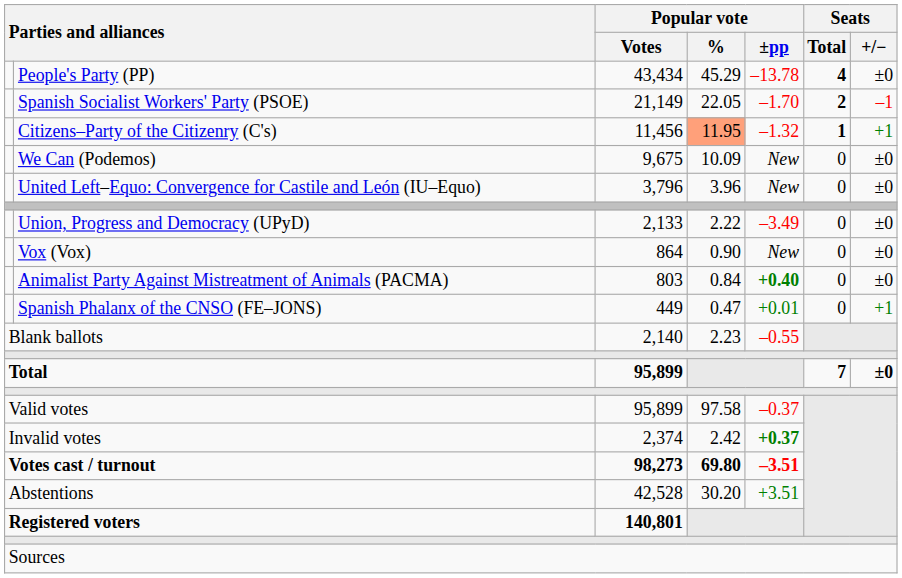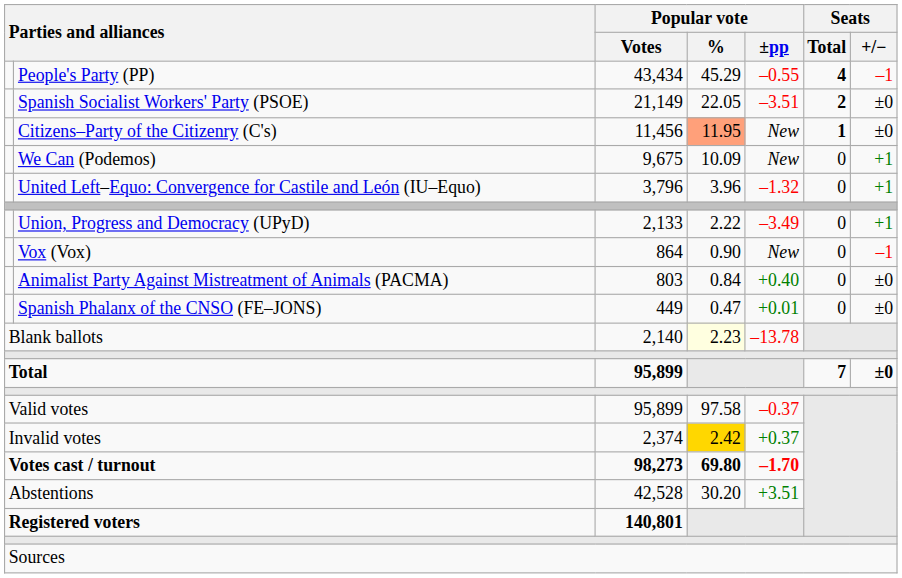 <table class="wikitable" style="text-align:right;">
 <tr>
 <th style="text-align:left;" rowspan="2" colspan="2" width="525">Parties and alliances</th>
 <th colspan="3">Popular vote</th>
 <th colspan="2">Seats</th>
 </tr>
 <tr>
 <th width="75">Votes</th>
 <th width="45">%</th>
 <th width="45">±<a href='#'>pp</a></th>
 <th width="35">Total</th>
 <th width="35">+/−</th>
 </tr>
 <tr>
 <td width="1" style="color:inherit;background:"></td>
 <td align="left"><a href='#'>People's Party</a> (PP)</td>
 <td>43,434</td>
 <td>45.29</td>
-<td style="color:red;">–13.78</td>
+<td style="color:red;">–0.55</td>
 <td><strong>4</strong></td>
-<td>±0</td>
+<td style="color:red;">–1</td>
 </tr>
 <tr>
 <td style="color:inherit;background:"></td>
 <td align="left"><a href='#'>Spanish Socialist Workers' Party</a> (PSOE)</td>
 <td>21,149</td>
 <td>22.05</td>
-<td style="color:red;">–1.70</td>
+<td style="color:red;">–3.51</td>
 <td><strong>2</strong></td>
-<td style="color:red;">–1</td>
+<td>±0</td>
 </tr>
 <tr>
 <td style="color:inherit;background:"></td>
 <td align="left"><a href='#'>Citizens–Party of the Citizenry</a> (C's)</td>
 <td>11,456</td>
 <td style="background: lightsalmon;">11.95</td>
-<td style="color:red;">–1.32</td>
+<td><em>New</em></td>
 <td><strong>1</strong></td>
-<td style="color:green;">+1</td>
+<td>±0</td>
 </tr>
 <tr>
 <td style="color:inherit;background:"></td>
 <td align="left"><a href='#'>We Can</a> (Podemos)</td>
 <td>9,675</td>
 <td>10.09</td>
 <td><em>New</em></td>
 <td>0</td>
-<td>±0</td>
+<td style="color:green;">+1</td>
 </tr>
 <tr>
 <td style="color:inherit;background:"></td>
 <td align="left"><a href='#'>United Left</a>–<a href='#'>Equo: Convergence for Castile and León</a> (IU–Equo)</td>
 <td>3,796</td>
 <td>3.96</td>
-<td><em>New</em></td>
+<td style="color:red;">–1.32</td>
 <td>0</td>
-<td>±0</td>
+<td style="color:green;">+1</td>
 </tr>
 <tr>
 <td colspan="7" bgcolor="#C0C0C0"></td>
 </tr>
 <tr>
 <td style="color:inherit;background:"></td>
 <td align="left"><a href='#'>Union, Progress and Democracy</a> (UPyD)</td>
 <td>2,133</td>
 <td>2.22</td>
 <td style="color:red;">–3.49</td>
 <td>0</td>
-<td>±0</td>
+<td style="color:green;">+1</td>
 </tr>
 <tr>
 <td style="color:inherit;background:"></td>
 <td align="left"><a href='#'>Vox</a> (Vox)</td>
 <td>864</td>
 <td>0.90</td>
 <td><em>New</em></td>
 <td>0</td>
-<td>±0</td>
+<td style="color:red;">–1</td>
 </tr>
 <tr>
 <td style="color:inherit;background:"></td>
 <td align="left"><a href='#'>Animalist Party Against Mistreatment of Animals</a> (PACMA)</td>
 <td>803</td>
 <td>0.84</td>
-<td style="color:green;"><strong>+0.40</strong></td>
+<td style="color:green;">+0.40</td>
 <td>0</td>
 <td>±0</td>
 </tr>
 <tr>
 <td style="color:inherit;background:"></td>
 <td align="left"><a href='#'>Spanish Phalanx of the CNSO</a> (FE–JONS)</td>
 <td>449</td>
 <td>0.47</td>
 <td style="color:green;">+0.01</td>
 <td>0</td>
-<td style="color:green;">+1</td>
+<td>±0</td>
 </tr>
 <tr>
 <td align="left" colspan="2">Blank ballots</td>
 <td>2,140</td>
-<td>2.23</td>
-<td style="color:red;">–0.55</td>
+<td style="background: lightyellow;">2.23</td>
+<td style="color:red;">–13.78</td>
 <td bgcolor="#E9E9E9" colspan="2"></td>
 </tr>
 <tr>
 <td colspan="7" bgcolor="#E9E9E9"></td>
 </tr>
 <tr style="font-weight:bold;">
 <td align="left" colspan="2">Total</td>
 <td>95,899</td>
 <td bgcolor="#E9E9E9" colspan="2"></td>
 <td>7</td>
 <td>±0</td>
 </tr>
 <tr>
 <td colspan="7" bgcolor="#E9E9E9"></td>
 </tr>
 <tr>
 <td align="left" colspan="2">Valid votes</td>
 <td>95,899</td>
 <td>97.58</td>
 <td style="color:red;">–0.37</td>
 <td bgcolor="#E9E9E9" colspan="2" rowspan="5"></td>
 </tr>
 <tr>
 <td align="left" colspan="2">Invalid votes</td>
 <td>2,374</td>
-<td>2.42</td>
-<td style="color:green;"><strong>+0.37</strong></td>
+<td style="background: gold;">2.42</td>
+<td style="color:green;">+0.37</td>
 </tr>
 <tr style="font-weight:bold;">
 <td align="left" colspan="2">Votes cast / turnout</td>
 <td>98,273</td>
 <td>69.80</td>
-<td style="color:red;">–3.51</td>
+<td style="color:red;">–1.70</td>
 </tr>
 <tr>
 <td align="left" colspan="2">Abstentions</td>
 <td>42,528</td>
 <td>30.20</td>
 <td style="color:green;">+3.51</td>
 </tr>
 <tr style="font-weight:bold;">
 <td align="left" colspan="2">Registered voters</td>
 <td>140,801</td>
 <td bgcolor="#E9E9E9" colspan="2"></td>
 </tr>
 <tr>
 <td colspan="7" bgcolor="#E9E9E9"></td>
 </tr>
 <tr>
 <td align="left" colspan="7">Sources</td>
 </tr>
 </table>
